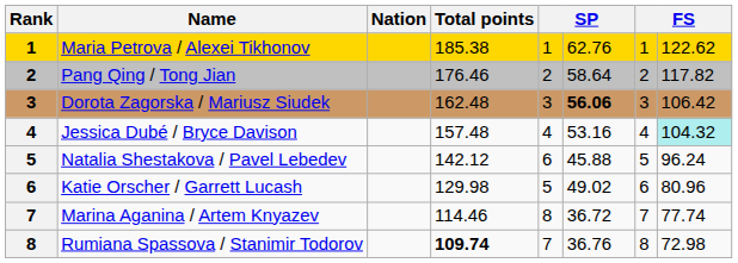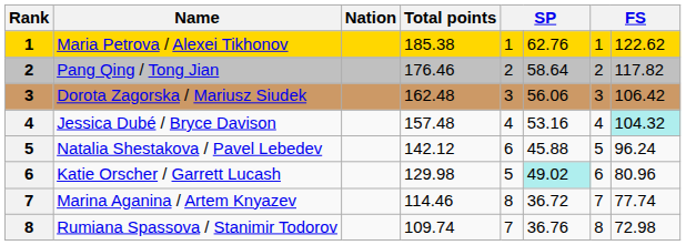 <table class="wikitable">
 <tr>
 <th>Rank</th>
 <th>Name</th>
 <th>Nation</th>
 <th>Total points</th>
 <th colspan="2" width="80px"><a href='#'>SP</a></th>
 <th colspan="2" width="80px"><a href='#'>FS</a></th>
 </tr>
 <tr bgcolor="gold">
 <td align="center"><strong>1</strong></td>
 <td><a href='#'>Maria Petrova</a> / <a href='#'>Alexei Tikhonov</a></td>
 <td></td>
 <td>185.38</td>
 <td>1</td>
 <td>62.76</td>
 <td>1</td>
 <td>122.62</td>
 </tr>
 <tr bgcolor="silver">
 <td align="center"><strong>2</strong></td>
 <td><a href='#'>Pang Qing</a> / <a href='#'>Tong Jian</a></td>
 <td></td>
 <td>176.46</td>
 <td>2</td>
 <td>58.64</td>
 <td>2</td>
 <td>117.82</td>
 </tr>
 <tr bgcolor="cc9966">
 <td align="center"><strong>3</strong></td>
 <td><a href='#'>Dorota Zagorska</a> / <a href='#'>Mariusz Siudek</a></td>
 <td></td>
 <td>162.48</td>
 <td>3</td>
-<td><strong>56.06</strong></td>
+<td>56.06</td>
 <td>3</td>
 <td>106.42</td>
 </tr>
 <tr>
 <th>4</th>
 <td><a href='#'>Jessica Dubé</a> / <a href='#'>Bryce Davison</a></td>
 <td></td>
 <td>157.48</td>
 <td>4</td>
 <td>53.16</td>
 <td>4</td>
 <td style="background: paleturquoise;">104.32</td>
 </tr>
 <tr>
 <th>5</th>
 <td><a href='#'>Natalia Shestakova</a> / <a href='#'>Pavel Lebedev</a></td>
 <td></td>
 <td>142.12</td>
 <td>6</td>
 <td>45.88</td>
 <td>5</td>
 <td>96.24</td>
 </tr>
 <tr>
 <th>6</th>
 <td><a href='#'>Katie Orscher</a> / <a href='#'>Garrett Lucash</a></td>
 <td></td>
 <td>129.98</td>
 <td>5</td>
-<td>49.02</td>
+<td style="background: paleturquoise;">49.02</td>
 <td>6</td>
 <td>80.96</td>
 </tr>
 <tr>
 <th>7</th>
 <td><a href='#'>Marina Aganina</a> / <a href='#'>Artem Knyazev</a></td>
 <td></td>
 <td>114.46</td>
 <td>8</td>
 <td>36.72</td>
 <td>7</td>
 <td>77.74</td>
 </tr>
 <tr>
 <th>8</th>
 <td><a href='#'>Rumiana Spassova</a> / <a href='#'>Stanimir Todorov</a></td>
 <td></td>
-<td><strong>109.74</strong></td>
+<td>109.74</td>
 <td>7</td>
 <td>36.76</td>
 <td>8</td>
 <td>72.98</td>
 </tr>
 </table>
